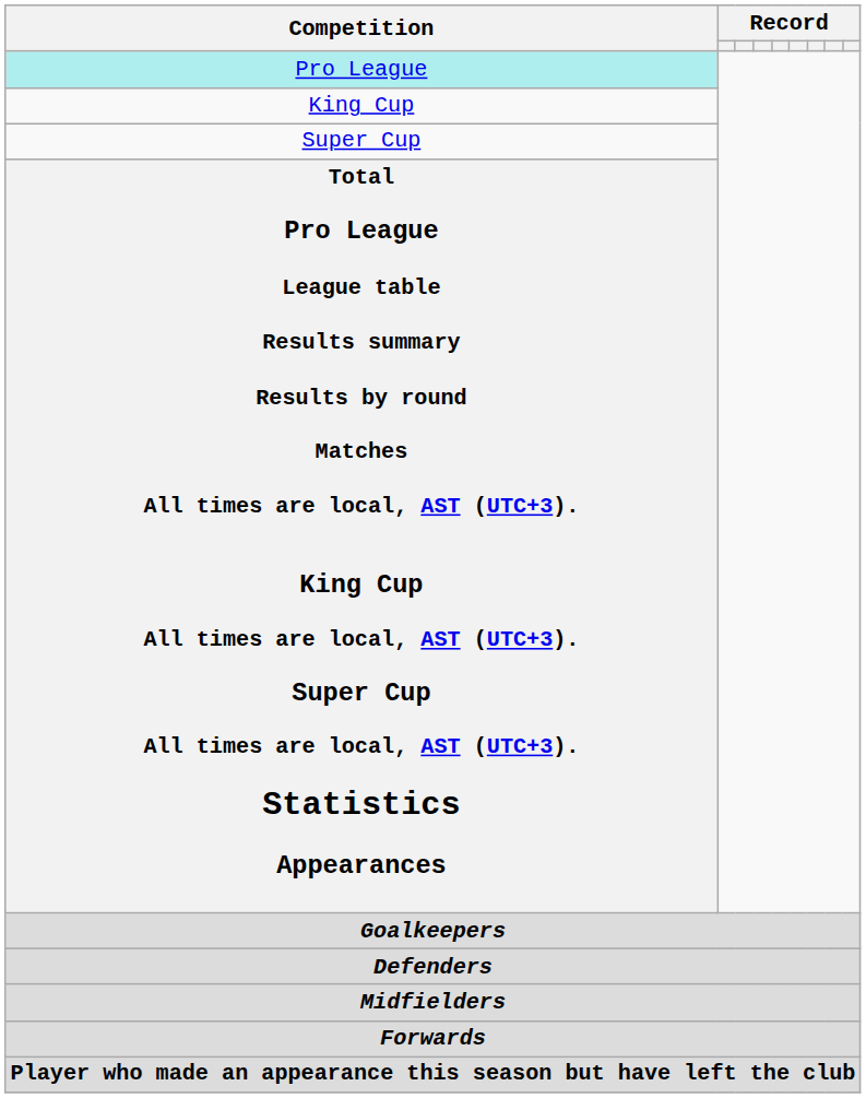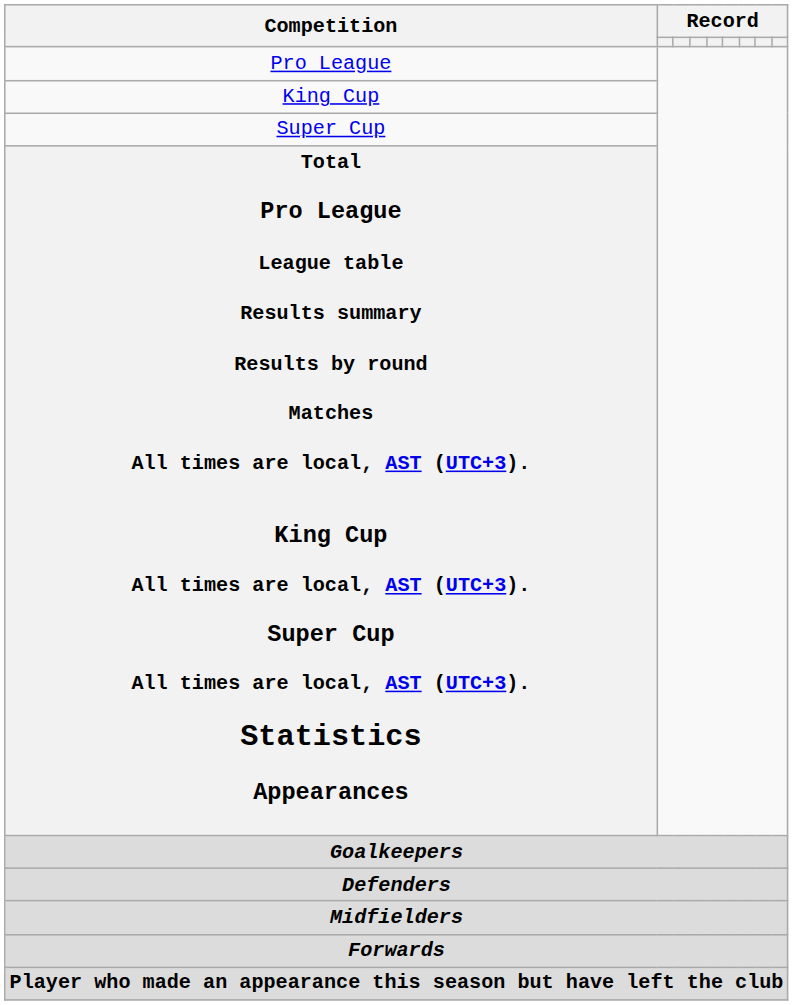 <table class="wikitable" style="text-align: center">
 <tr>
 <th rowspan=2>Competition</th>
 <th colspan=8>Record</th>
 </tr>
 <tr>
 <th></th>
 <th></th>
 <th></th>
 <th></th>
 <th></th>
 <th></th>
 <th></th>
 <th></th>
 </tr>
 <tr>
-<td style="background: paleturquoise;"><a href='#'>Pro League</a><br></td>
+<td><a href='#'>Pro League</a><br></td>
 </tr>
 <tr>
 <td><a href='#'>King Cup</a><br></td>
 </tr>
 <tr>
 <td><a href='#'>Super Cup</a><br></td>
 </tr>
 <tr>
 <th>Total<br> <h3>Pro League</h3><h4>League table</h4><h4>Results summary</h4> <h4>Results by round</h4><h4>Matches</h4>All times are local, <a href='#'>AST</a> (<a href='#'>UTC+3</a>).<br>   <br>                             <h3>King Cup</h3> All times are local, <a href='#'>AST</a> (<a href='#'>UTC+3</a>).<br> <h3>Super Cup</h3> All times are local, <a href='#'>AST</a> (<a href='#'>UTC+3</a>).<br> <h2>Statistics</h2><h3>Appearances</h3></th>
 </tr>
 <tr>
 <th colspan=12 style=background:#dcdcdc; text-align:center><em>Goalkeepers</em><br>  </th>
 </tr>
 <tr>
 <th colspan=12 style=background:#dcdcdc; text-align:center><em>Defenders</em><br>        </th>
 </tr>
 <tr>
 <th colspan=12 style=background:#dcdcdc; text-align:center><em>Midfielders</em><br>          </th>
 </tr>
 <tr>
 <th colspan=12 style=background:#dcdcdc; text-align:center><em>Forwards</em><br>   </th>
 </tr>
 <tr>
 <th colspan=18 style=background:#dcdcdc; text-align:center>Player who made an appearance this season but have left the club<br> </th>
 </tr>
 </table>
